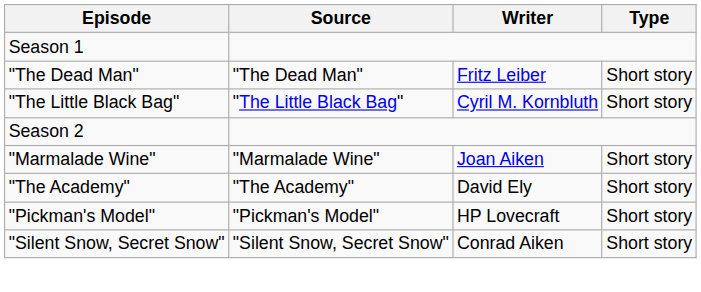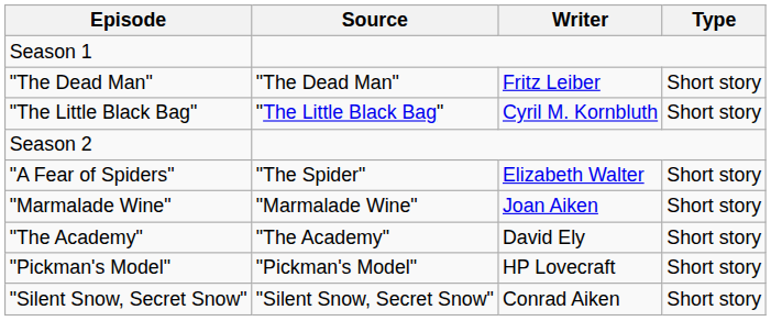 <table class="wikitable">
 <tr>
 <th>Episode</th>
 <th>Source</th>
 <th>Writer</th>
 <th>Type</th>
 </tr>
 <tr>
 <td>Season 1</td>
 </tr>
 <tr>
 <td>"The Dead Man"</td>
 <td>"The Dead Man"</td>
 <td><a href='#'>Fritz Leiber</a></td>
 <td>Short story</td>
 </tr>
 <tr>
 <td>"The Little Black Bag"</td>
 <td>"<a href='#'>The Little Black Bag</a>"</td>
 <td><a href='#'>Cyril M. Kornbluth</a></td>
 <td>Short story</td>
 </tr>
 <tr>
 <td>Season 2</td>
 </tr>
 <tr>
+<td>"A Fear of Spiders"</td>
+<td>"The Spider"</td>
+<td><a href='#'>Elizabeth Walter</a></td>
+<td>Short story</td>
+</tr>
+<tr>
 <td>"Marmalade Wine"</td>
 <td>"Marmalade Wine"</td>
 <td><a href='#'>Joan Aiken</a></td>
 <td>Short story</td>
 </tr>
 <tr>
 <td>"The Academy"</td>
 <td>"The Academy"</td>
 <td>David Ely</td>
 <td>Short story</td>
 </tr>
 <tr>
 <td>"Pickman's Model"</td>
 <td>"Pickman's Model"</td>
 <td>HP Lovecraft</td>
 <td>Short story</td>
 </tr>
 <tr>
 <td>"Silent Snow, Secret Snow"</td>
 <td>"Silent Snow, Secret Snow"</td>
 <td>Conrad Aiken</td>
 <td>Short story</td>
 </tr>
 </table>
